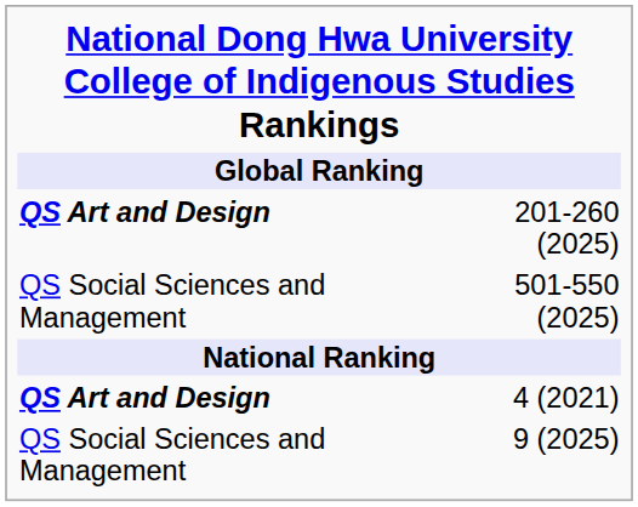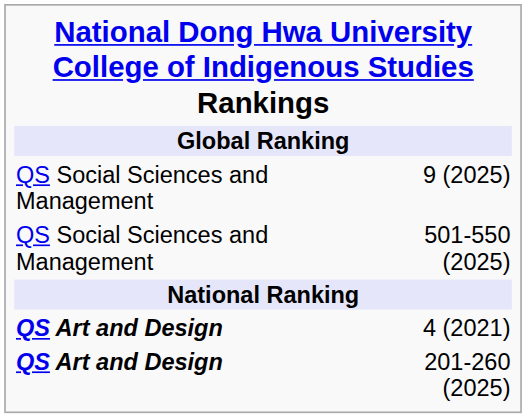 <table class="infobox" style="width:22em; text-align:center; font-size:88%;">
 <tr>
 <td colspan=2 style="font-size:125%; text-align:center"><strong><a href='#'>National Dong Hwa University<br>College of Indigenous Studies</a> Rankings</strong></td>
 </tr>
 <tr>
 <th colspan="2" style="background:lavender ;text-align:center">Global Ranking</th>
 </tr>
 <tr>
-<td style="text-align:left; width:70%"><strong><em><a href='#'>QS</a><em> Art and Design<strong></td>
-<td style="text-align:right;">201-260 (2025)</td>
+<td style="text-align:left; width:70%"></em></strong><a href='#'>QS</a></em> Social Sciences and Management‌</strong></td>
+<td style="text-align:right;">9 (2025)</td>
 </tr>
 <tr>
 <td style="text-align:left; width:70%"><strong></em></strong><a href='#'>QS</a></em> Social Sciences and Management‌</strong></strong></td>
 <td style="text-align:right;">501-550 (2025)</td>
 </tr>
 <tr>
 <th colspan="2" style="background:lavender ;text-align:center">National Ranking</th>
 </tr>
 <tr>
 <td style="text-align:left;"><strong><em><a href='#'>QS</a><em> Art and Design<strong></td>
 <td style="text-align:right;">4 (2021)</td>
 </tr>
 <tr>
-<td style="text-align:left; width:70%"></em></strong><a href='#'>QS</a></em> Social Sciences and Management‌</strong></td>
-<td style="text-align:right;">9 (2025)</td>
+<td style="text-align:left; width:70%"><strong><em><a href='#'>QS</a><em> Art and Design<strong></td>
+<td style="text-align:right;">201-260 (2025)</td>
 </tr>
 </table>
